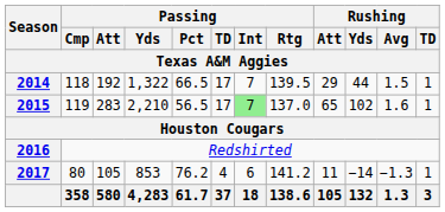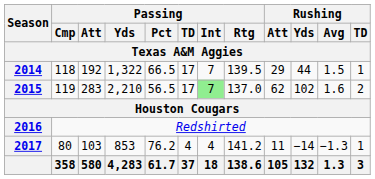 <table class=wikitable style="text-align:center;">
 <tr>
 <th rowspan="2">Season</th>
 <th colspan="7">Passing</th>
 <th colspan="4">Rushing</th>
 </tr>
 <tr>
 <th>Cmp</th>
 <th>Att</th>
 <th>Yds</th>
 <th>Pct</th>
 <th>TD</th>
 <th>Int</th>
 <th>Rtg</th>
 <th>Att</th>
 <th>Yds</th>
 <th>Avg</th>
 <th>TD</th>
 </tr>
 <tr>
 <th colspan="12">Texas A&M Aggies</th>
 </tr>
 <tr>
 <th><a href='#'>2014</a></th>
 <td>118</td>
 <td>192</td>
 <td>1,322</td>
 <td>66.5</td>
 <td>17</td>
 <td>7</td>
 <td>139.5</td>
 <td>29</td>
 <td>44</td>
 <td>1.5</td>
 <td>1</td>
 </tr>
 <tr>
 <th><a href='#'>2015</a></th>
 <td>119</td>
 <td>283</td>
 <td>2,210</td>
 <td>56.5</td>
 <td>17</td>
 <td style="background: lightgreen;">7</td>
 <td>137.0</td>
-<td>65</td>
+<td>62</td>
 <td>102</td>
 <td>1.6</td>
-<td>1</td>
+<td>2</td>
 </tr>
 <tr>
 <th colspan="12">Houston Cougars</th>
 </tr>
 <tr>
 <th><a href='#'>2016</a></th>
 <td colspan="11"> <em><a href='#'>Redshirted</a></em></td>
 </tr>
 <tr>
 <th><a href='#'>2017</a></th>
 <td>80</td>
-<td>105</td>
+<td>103</td>
 <td>853</td>
 <td>76.2</td>
 <td>4</td>
-<td>6</td>
+<td>4</td>
 <td>141.2</td>
 <td>11</td>
 <td>−14</td>
 <td>−1.3</td>
 <td>1</td>
 </tr>
 <tr>
 <th></th>
 <th>358</th>
 <th>580</th>
 <th>4,283</th>
 <th>61.7</th>
 <th>37</th>
 <th>18</th>
 <th>138.6</th>
 <th>105</th>
 <th>132</th>
 <th>1.3</th>
 <th>3</th>
 </tr>
 </table>
